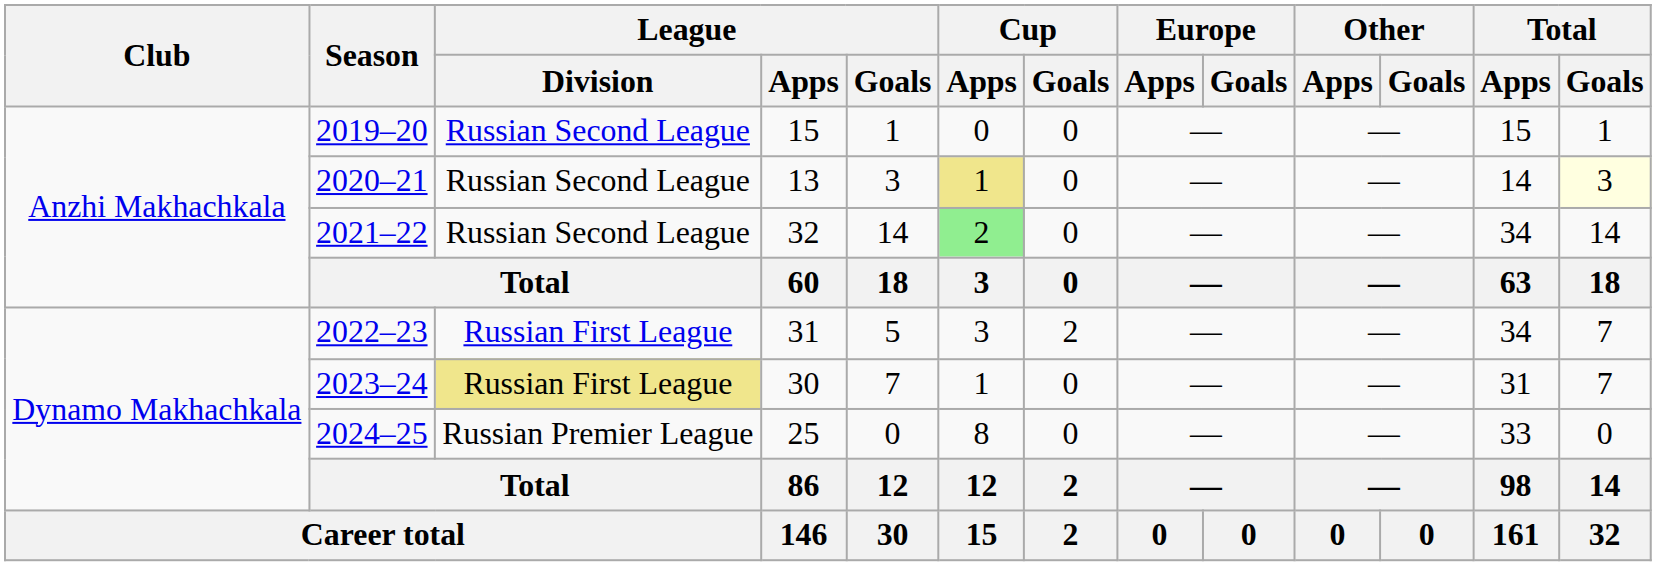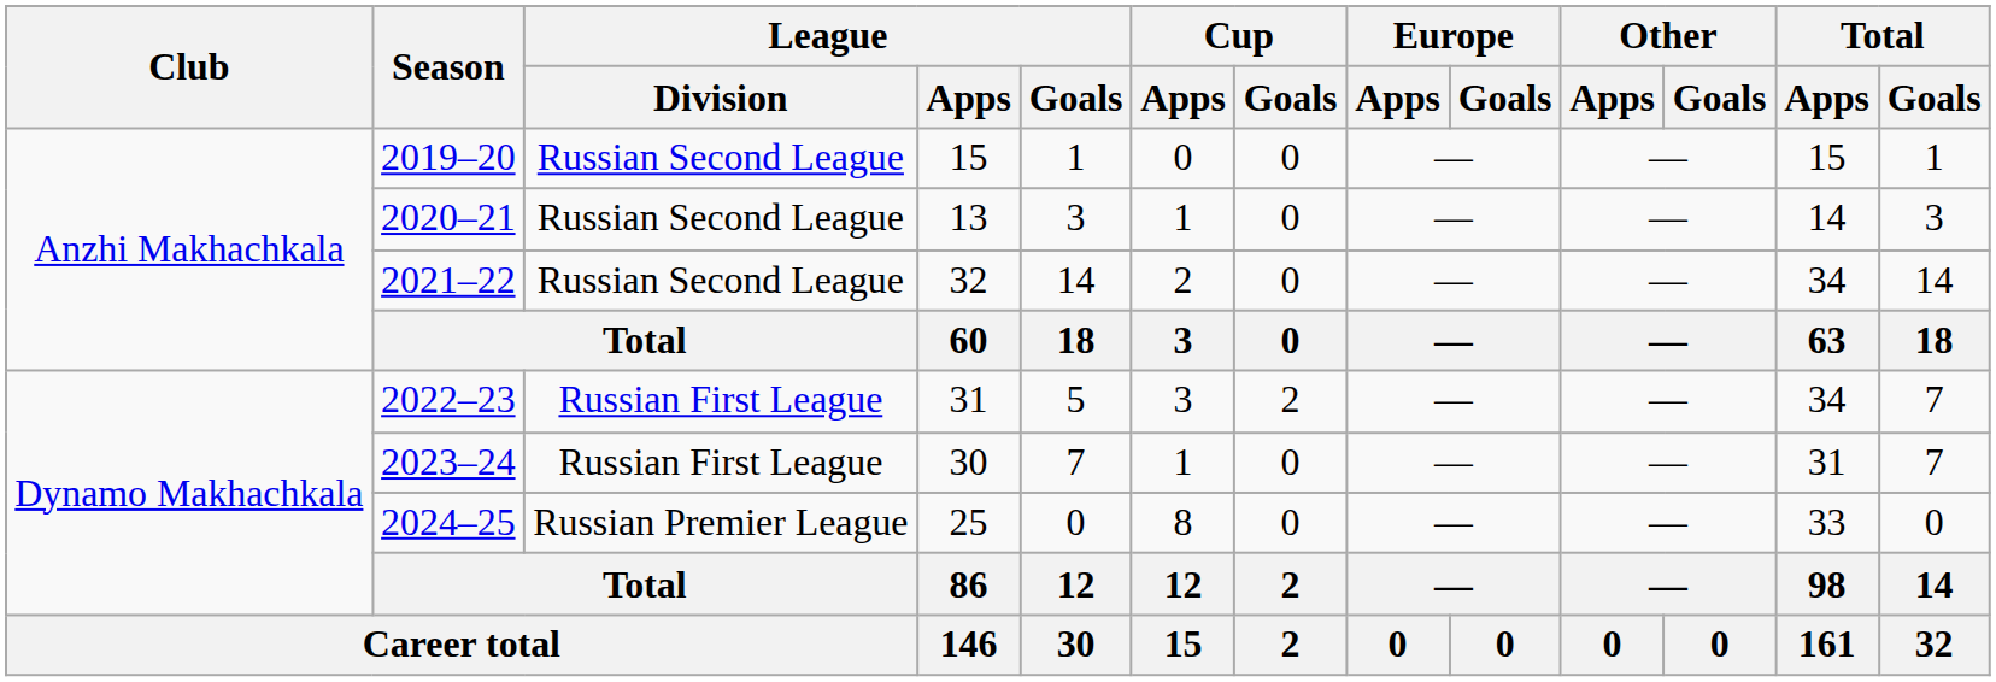 <table class="wikitable" style="text-align: center;">
 <tr>
 <th rowspan="2">Club</th>
 <th rowspan="2">Season</th>
 <th colspan="3">League</th>
 <th colspan="2">Cup</th>
 <th colspan="2">Europe</th>
 <th colspan="2">Other</th>
 <th colspan="2">Total</th>
 </tr>
 <tr>
 <th>Division</th>
 <th>Apps</th>
 <th>Goals</th>
 <th>Apps</th>
 <th>Goals</th>
 <th>Apps</th>
 <th>Goals</th>
 <th>Apps</th>
 <th>Goals</th>
 <th>Apps</th>
 <th>Goals</th>
 </tr>
 <tr>
 <td rowspan="4"><a href='#'>Anzhi Makhachkala</a></td>
 <td><a href='#'>2019–20</a></td>
 <td><a href='#'>Russian Second League</a></td>
 <td>15</td>
 <td>1</td>
 <td>0</td>
 <td>0</td>
 <td colspan="2">—</td>
 <td colspan="2">—</td>
 <td>15</td>
 <td>1</td>
 </tr>
 <tr>
 <td><a href='#'>2020–21</a></td>
 <td>Russian Second League</td>
 <td>13</td>
 <td>3</td>
-<td style="background: khaki;">1</td>
+<td>1</td>
 <td>0</td>
 <td colspan="2">—</td>
 <td colspan="2">—</td>
 <td>14</td>
-<td style="background: lightyellow;">3</td>
+<td>3</td>
 </tr>
 <tr>
 <td><a href='#'>2021–22</a></td>
 <td>Russian Second League</td>
 <td>32</td>
 <td>14</td>
-<td style="background: lightgreen;">2</td>
+<td>2</td>
 <td>0</td>
 <td colspan="2">—</td>
 <td colspan="2">—</td>
 <td>34</td>
 <td>14</td>
 </tr>
 <tr>
 <th colspan="2">Total</th>
 <th>60</th>
 <th>18</th>
 <th>3</th>
 <th>0</th>
 <th colspan="2">—</th>
 <th colspan="2">—</th>
 <th>63</th>
 <th>18</th>
 </tr>
 <tr>
 <td rowspan="4"><a href='#'>Dynamo Makhachkala</a></td>
 <td><a href='#'>2022–23</a></td>
 <td><a href='#'>Russian First League</a></td>
 <td>31</td>
 <td>5</td>
 <td>3</td>
 <td>2</td>
 <td colspan="2">—</td>
 <td colspan="2">—</td>
 <td>34</td>
 <td>7</td>
 </tr>
 <tr>
 <td><a href='#'>2023–24</a></td>
-<td style="background: khaki;">Russian First League</td>
+<td>Russian First League</td>
 <td>30</td>
 <td>7</td>
 <td>1</td>
 <td>0</td>
 <td colspan="2">—</td>
 <td colspan="2">—</td>
 <td>31</td>
 <td>7</td>
 </tr>
 <tr>
 <td><a href='#'>2024–25</a></td>
 <td>Russian Premier League</td>
 <td>25</td>
 <td>0</td>
 <td>8</td>
 <td>0</td>
 <td colspan="2">—</td>
 <td colspan="2">—</td>
 <td>33</td>
 <td>0</td>
 </tr>
 <tr>
 <th colspan="2">Total</th>
 <th>86</th>
 <th>12</th>
 <th>12</th>
 <th>2</th>
 <th colspan="2">—</th>
 <th colspan="2">—</th>
 <th>98</th>
 <th>14</th>
 </tr>
 <tr>
 <th colspan="3">Career total</th>
 <th>146</th>
 <th>30</th>
 <th>15</th>
 <th>2</th>
 <th>0</th>
 <th>0</th>
 <th>0</th>
 <th>0</th>
 <th>161</th>
 <th>32</th>
 </tr>
 </table>
